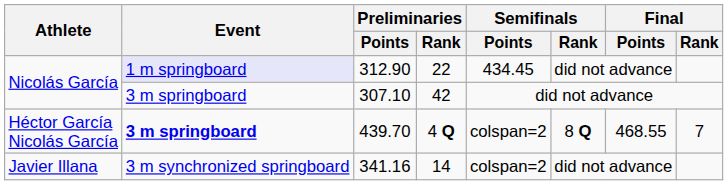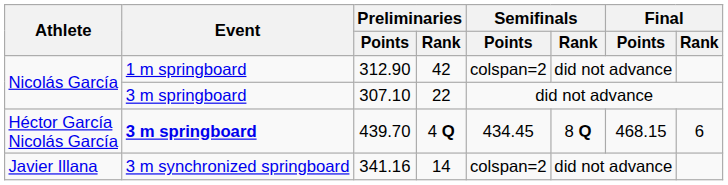 <table class=wikitable style="font-size:90%;">
 <tr>
 <th rowspan="2">Athlete</th>
 <th rowspan="2">Event</th>
 <th colspan="2">Preliminaries</th>
 <th colspan="2">Semifinals</th>
 <th colspan="2">Final</th>
 </tr>
 <tr style="font-size:95%">
 <th>Points</th>
 <th>Rank</th>
 <th>Points</th>
 <th>Rank</th>
 <th>Points</th>
 <th>Rank</th>
 </tr>
 <tr align=center>
 <td align=left rowspan=2><a href='#'>Nicolás García</a></td>
-<td align=left style="background: lavender;"><a href='#'>1 m springboard</a></td>
+<td align=left><a href='#'>1 m springboard</a></td>
 <td>312.90</td>
-<td>22</td>
-<td>434.45</td>
+<td>42</td>
+<td>colspan=2 </td>
 <td colspan=2>did not advance</td>
 </tr>
 <tr align=center>
 <td align=left><a href='#'>3 m springboard</a></td>
 <td>307.10</td>
-<td>42</td>
+<td>22</td>
 <td colspan=4>did not advance</td>
 </tr>
 <tr align=center>
 <td align=left><a href='#'>Héctor García</a><br><a href='#'>Nicolás García</a></td>
 <td align=left><strong><a href='#'>3 m springboard</a></strong></td>
 <td>439.70</td>
 <td>4 <strong>Q</strong></td>
-<td>colspan=2 </td>
+<td>434.45</td>
 <td>8 <strong>Q</strong></td>
-<td>468.55</td>
-<td>7</td>
+<td>468.15</td>
+<td>6</td>
 </tr>
 <tr align=center>
 <td align=left><a href='#'>Javier Illana</a></td>
 <td align=left><a href='#'>3 m synchronized springboard</a></td>
 <td>341.16</td>
 <td>14</td>
 <td>colspan=2 </td>
 <td colspan=2>did not advance</td>
 </tr>
 </table>
